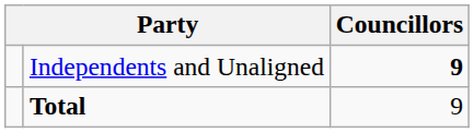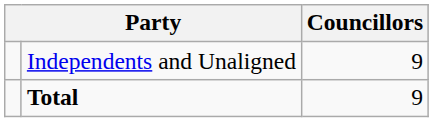 <table class="wikitable">
 <tr>
 <th colspan="2">Party</th>
 <th>Councillors</th>
 </tr>
 <tr>
 <td> </td>
 <td><a href='#'>Independents</a> and Unaligned</td>
-<td align=right><strong>9</strong></td>
+<td align=right>9</td>
 </tr>
 <tr>
 <td></td>
 <td><strong>Total</strong></td>
 <td align=right>9</td>
 </tr>
 </table>
